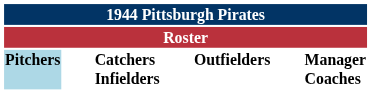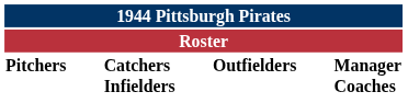 <table class="toccolours" style="font-size: 95%;">
 <tr>
 <th colspan="10" style="background-color: #023465; color: white; text-align: center;">1944 Pittsburgh Pirates</th>
 </tr>
 <tr>
 <td colspan="10" style="background-color: #ba313c; color: white; text-align: center;"><strong>Roster</strong></td>
 </tr>
 <tr>
-<td valign="top" style="background: lightblue;"><strong>Pitchers</strong><br>           </td>
+<td valign="top"><strong>Pitchers</strong><br>           </td>
 <td width="25px"></td>
 <td valign="top"><strong>Catchers</strong><br>   <strong>Infielders</strong>        </td>
 <td width="25px"></td>
 <td valign="top"><strong>Outfielders</strong><br>         </td>
 <td width="25px"></td>
 <td valign="top"><strong>Manager</strong><br> <strong>Coaches</strong>   </td>
 </tr>
 </table>
